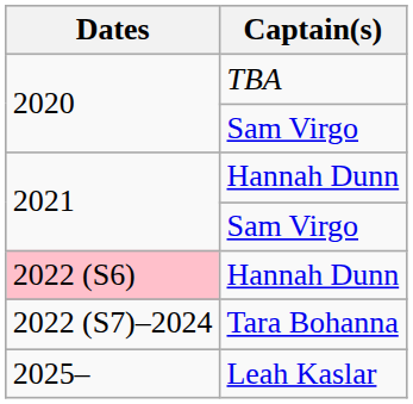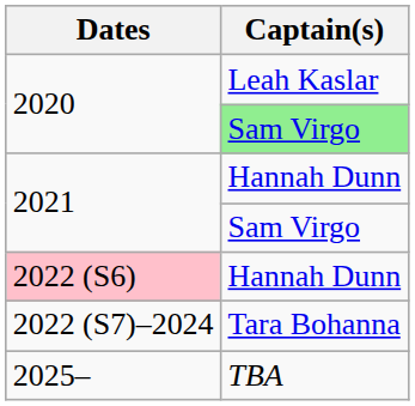 <table class="wikitable">
 <tr>
 <th>Dates</th>
 <th>Captain(s)</th>
 </tr>
 <tr>
 <td rowspan=2>2020</td>
-<td><em>TBA</em></td>
+<td><a href='#'>Leah Kaslar</a></td>
 </tr>
 <tr>
-<td><a href='#'>Sam Virgo</a></td>
+<td style="background: lightgreen;"><a href='#'>Sam Virgo</a></td>
 </tr>
 <tr>
 <td rowspan=2>2021</td>
 <td><a href='#'>Hannah Dunn</a></td>
 </tr>
 <tr>
 <td><a href='#'>Sam Virgo</a></td>
 </tr>
 <tr>
 <td style="background: pink;">2022 (S6)</td>
 <td><a href='#'>Hannah Dunn</a></td>
 </tr>
 <tr>
 <td>2022 (S7)–2024</td>
 <td><a href='#'>Tara Bohanna</a></td>
 </tr>
 <tr>
 <td>2025–</td>
-<td><a href='#'>Leah Kaslar</a></td>
+<td><em>TBA</em></td>
 </tr>
 </table>
